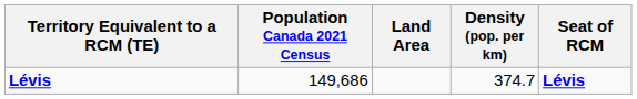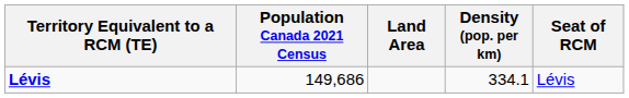 <table class="wikitable sortable" | style="text-align: right">
 <tr>
 <th align="center">Territory Equivalent to a RCM (TE)</th>
 <th align="center">Population<br><small><a href='#'>Canada 2021 Census</a></small></th>
 <th align="center">Land Area</th>
 <th align="center">Density<br><small>(pop. per km)</small></th>
 <th align="center">Seat of RCM</th>
 </tr>
 <tr>
 <td align="left"><strong><a href='#'>Lévis</a></strong></td>
 <td>149,686</td>
 <td></td>
-<td>374.7</td>
-<td align="left"><strong><a href='#'>Lévis</a></strong></td>
+<td>334.1</td>
+<td align="left"><a href='#'>Lévis</a></td>
 </tr>
 </table>
